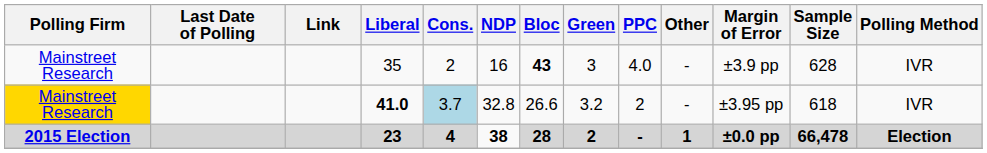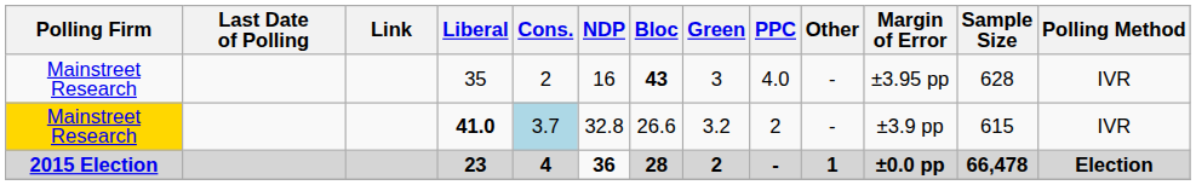 <table class="wikitable sortable" style="text-align:center;font-size:90%;line-height:14px;">
 <tr style="background:#e9e9e9;">
 <th style="width:120px">Polling Firm</th>
 <th style="width:110px">Last Date<br>of Polling</th>
 <th style="width:60px" class="unsortable">Link</th>
 <th style="background-color:"><strong><a href='#'>Liberal</a></strong></th>
 <th style="background-color:"><strong><a href='#'>Cons.</a></strong></th>
 <th style="background-color:"><strong><a href='#'>NDP</a></strong></th>
 <th style="background-color:"><strong><a href='#'>Bloc</a></strong></th>
 <th style="background-color:"><strong><a href='#'>Green</a></strong></th>
 <th style="background-color:"><strong><a href='#'>PPC</a></strong></th>
 <th style="background-color:"><strong>Other</strong></th>
 <th style="width:60px;" class=unsortable>Margin<br>of Error</th>
 <th style="width:50px;" class=unsortable>Sample<br>Size</th>
 <th class=unsortable>Polling Method</th>
 </tr>
 <tr>
 <td><a href='#'>Mainstreet Research</a></td>
 <td></td>
 <td></td>
 <td>35</td>
 <td>2</td>
 <td>16</td>
 <td style="background-color:"><strong>43</strong></td>
 <td>3</td>
 <td>4.0</td>
 <td>-</td>
-<td>±3.9 pp</td>
+<td>±3.95 pp</td>
 <td>628</td>
 <td>IVR</td>
 </tr>
 <tr>
 <td style="background: gold;"><a href='#'>Mainstreet Research</a></td>
 <td></td>
 <td></td>
 <td><strong>41.0</strong></td>
 <td style="background: lightblue;">3.7</td>
 <td>32.8</td>
 <td>26.6</td>
 <td>3.2</td>
 <td>2</td>
 <td>-</td>
-<td>±3.95 pp</td>
-<td>618</td>
+<td>±3.9 pp</td>
+<td>615</td>
 <td>IVR</td>
 </tr>
 <tr>
 <td style="background:#D5D5D5"><strong><a href='#'>2015 Election</a></strong></td>
 <td style="background:#D5D5D5"><strong></strong></td>
 <td style="background:#D5D5D5"></td>
 <td style="background:#D5D5D5"><strong>23</strong></td>
 <td style="background:#D5D5D5"><strong>4</strong></td>
-<td><strong>38</strong></td>
+<td><strong>36</strong></td>
 <td style="background:#D5D5D5"><strong>28</strong></td>
 <td style="background:#D5D5D5"><strong>2</strong></td>
 <td style="background:#D5D5D5"><strong>-</strong></td>
 <td style="background:#D5D5D5"><strong>1</strong></td>
 <td style="background:#D5D5D5"><strong>±0.0 pp</strong></td>
 <td style="background:#D5D5D5"><strong>66,478</strong></td>
 <td style="background:#D5D5D5"><strong>Election</strong></td>
 </tr>
 <tr>
 </tr>
 <tr>
 </tr>
 </table>
